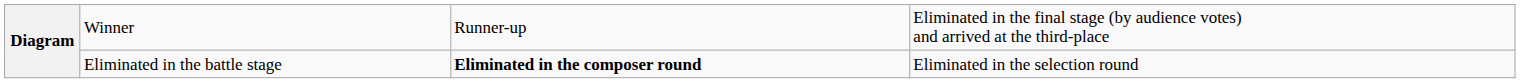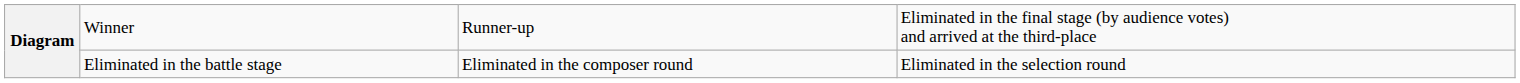 <table class="wikitable" style="height:2.6em" width="90%">
 <tr>
 <th rowspan="2" width="5%">Diagram</th>
 <td> Winner</td>
 <td> Runner-up</td>
 <td> Eliminated in the final stage (by audience votes)<br>and arrived at the third-place</td>
 </tr>
 <tr>
 <td> Eliminated in the battle stage</td>
-<td><strong> Eliminated in the composer round</strong></td>
+<td> Eliminated in the composer round</td>
 <td> Eliminated in the selection round</td>
 </tr>
 </table>
